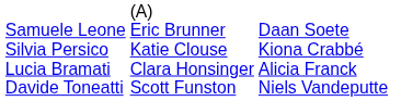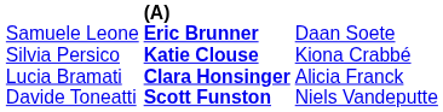 <table>
 <tr bgcolor="#cccccc">
 </tr>
 <tr>
 <td></td>
 <td> <br><a href='#'>Samuele Leone</a><br><a href='#'>Silvia Persico</a><br><a href='#'>Lucia Bramati</a><br><a href='#'>Davide Toneatti</a></td>
-<td> (A)<br><a href='#'>Eric Brunner</a><br><a href='#'>Katie Clouse</a><br><a href='#'>Clara Honsinger</a><br><a href='#'>Scott Funston</a></td>
+<td><strong> (A)<br><a href='#'>Eric Brunner</a><br><a href='#'>Katie Clouse</a><br><a href='#'>Clara Honsinger</a><br><a href='#'>Scott Funston</a></strong></td>
 <td> <br><a href='#'>Daan Soete</a><br><a href='#'>Kiona Crabbé</a><br><a href='#'>Alicia Franck</a><br><a href='#'>Niels Vandeputte</a></td>
 </tr>
 </table>
